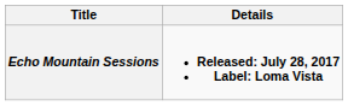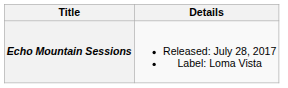 <table class="wikitable plainrowheaders" style="text-align:center;">
 <tr>
 <th scope="col">Title</th>
 <th scope="col">Details</th>
 </tr>
 <tr>
 <th scope="row"><em>Echo Mountain Sessions</em></th>
-<td><strong><br><ul><li>Released: July 28, 2017</li><li>Label: Loma Vista</li></ul></strong></td>
+<td><br><ul><li>Released: July 28, 2017</li><li>Label: Loma Vista</li></ul></td>
 </tr>
 </table>
